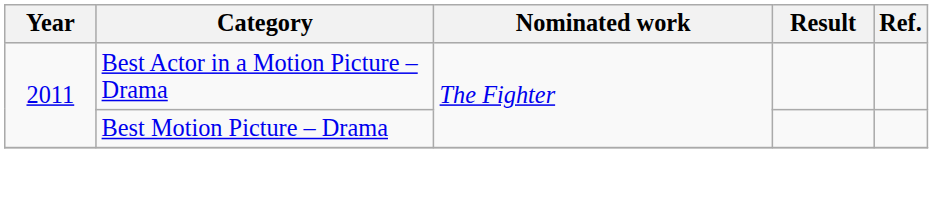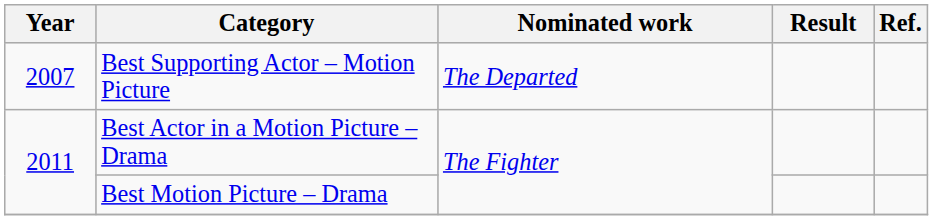 <table class=wikitable>
 <tr>
 <th scope="col" style="width:5em;">Year</th>
 <th scope="col" style="width:26em;">Category</th>
 <th scope="col" style="width:25em;">Nominated work</th>
 <th scope="col" style="width:5em;">Result</th>
 <th>Ref.</th>
+</tr>
+<tr>
+<td style="text-align:center;"><a href='#'>2007</a></td>
+<td><a href='#'>Best Supporting Actor – Motion Picture</a></td>
+<td><em><a href='#'>The Departed</a></em></td>
+<td></td>
+<td style="text-align:center;"></td>
 </tr>
 <tr>
 <td rowspan=2, style="text-align:center"><a href='#'>2011</a></td>
 <td><a href='#'>Best Actor in a Motion Picture – Drama</a></td>
 <td rowspan="2"><em><a href='#'>The Fighter</a></em></td>
 <td></td>
 <td style="text-align:center;"></td>
 </tr>
 <tr>
 <td><a href='#'>Best Motion Picture – Drama</a></td>
 <td></td>
 <td style="text-align:center;"></td>
 </tr>
 <tr>
 </tr>
 </table>
